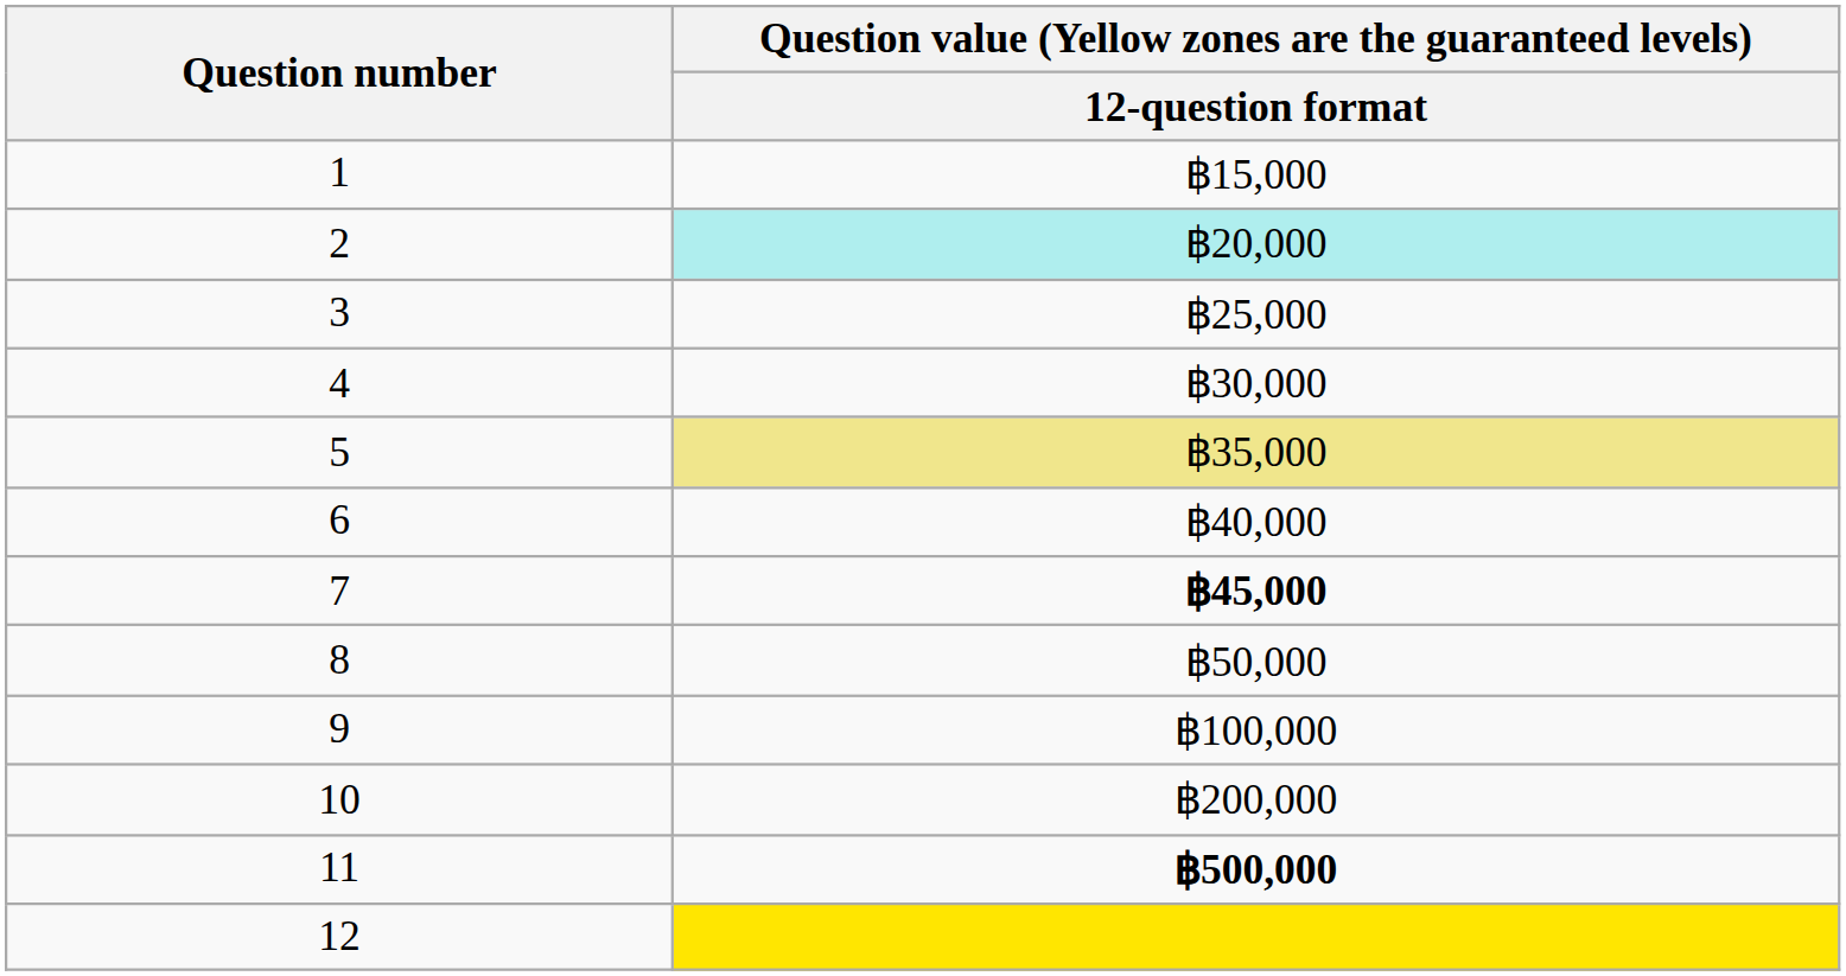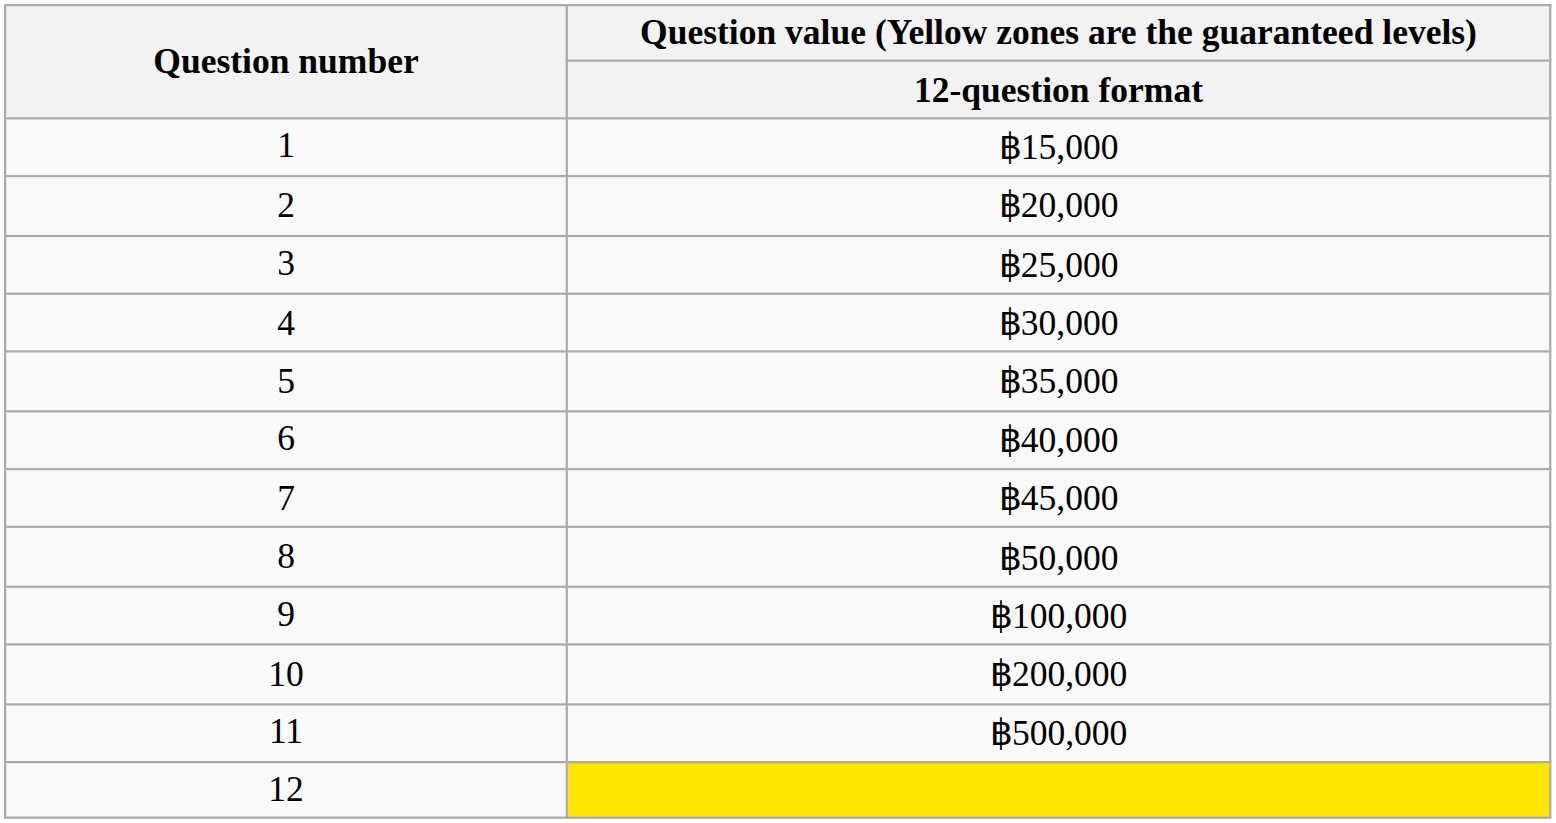 <table class="wikitable" style="text-align:center; border:1px;; cellpadding:2; cellspacing:0; width:44%;">
 <tr>
 <th rowspan="2" style="width: 16%">Question number</th>
 <th>Question value (Yellow zones are the guaranteed levels)</th>
 </tr>
 <tr>
 <th style="width: 28%">12-question format</th>
 </tr>
 <tr>
 <td>1</td>
 <td><span>฿15,000</span></td>
 </tr>
 <tr>
 <td>2</td>
-<td style="background: paleturquoise;"><span>฿20,000</span></td>
+<td><span>฿20,000</span></td>
 </tr>
 <tr>
 <td>3</td>
 <td><span>฿25,000</span></td>
 </tr>
 <tr>
 <td>4</td>
 <td><span>฿30,000</span></td>
 </tr>
 <tr>
 <td>5</td>
-<td style="background: khaki;"><span>฿35,000</span></td>
+<td><span>฿35,000</span></td>
 </tr>
 <tr>
 <td>6</td>
 <td><span>฿40,000</span></td>
 </tr>
 <tr>
 <td>7</td>
-<td><strong><span>฿45,000</span></strong></td>
+<td><span>฿45,000</span></td>
 </tr>
 <tr>
 <td>8</td>
 <td><span>฿50,000</span></td>
 </tr>
 <tr>
 <td>9</td>
 <td><span>฿100,000</span></td>
 </tr>
 <tr>
 <td>10</td>
 <td><span>฿200,000</span></td>
 </tr>
 <tr>
 <td>11</td>
-<td><strong><span>฿500,000</span></strong></td>
+<td><span>฿500,000</span></td>
 </tr>
 <tr>
 <td>12</td>
 <td style="background: #FFE600"><span><strong></strong></span></td>
 </tr>
 </table>
